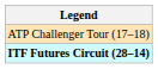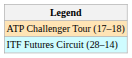 <table class=wikitable style=font-size:97%>
 <tr>
 <th>Legend</th>
 </tr>
 <tr bgcolor=moccasin>
 <td>ATP Challenger Tour (17–18)</td>
 </tr>
 <tr bgcolor=#CFFCFF>
-<td><strong>ITF Futures Circuit (28–14)</strong></td>
+<td>ITF Futures Circuit (28–14)</td>
 </tr>
 </table>
